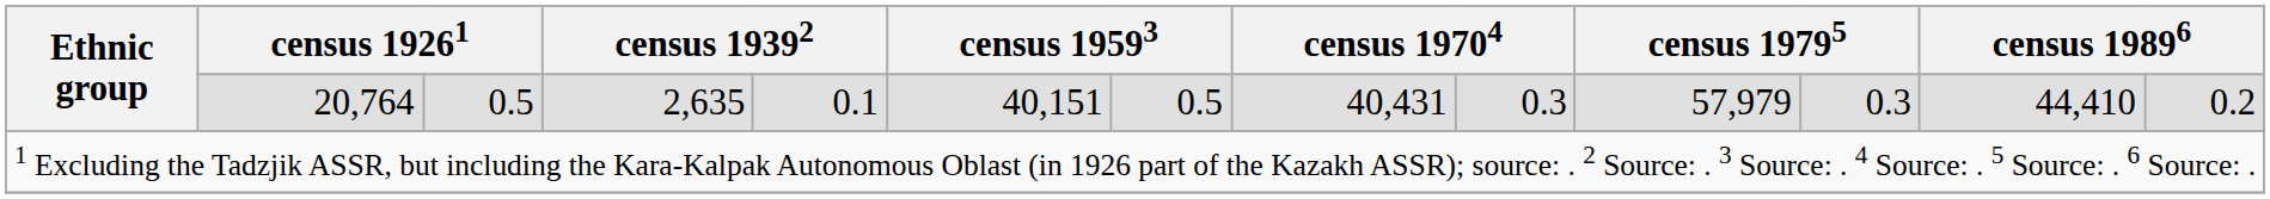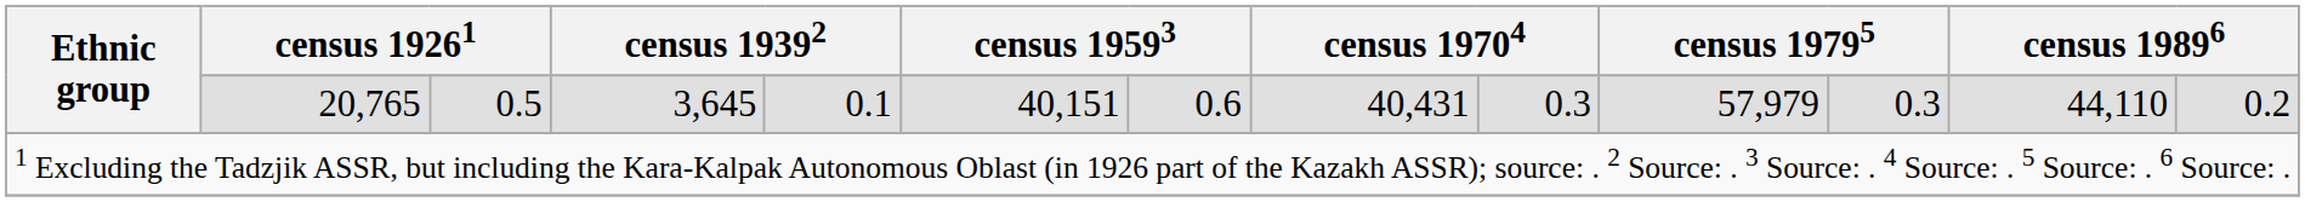 <table class="wikitable">
 <tr bgcolor="#e0e0e0">
 <th rowspan="2">Ethnic<br>group</th>
 <th colspan="2">census 1926<sup>1</sup></th>
 <th colspan="2">census 1939<sup>2</sup></th>
 <th colspan="2">census 1959<sup>3</sup></th>
 <th colspan="2">census 1970<sup>4</sup></th>
 <th colspan="2">census 1979<sup>5</sup></th>
 <th colspan="2">census 1989<sup>6</sup></th>
 </tr>
 <tr bgcolor="#e0e0e0">
-<td align="right">20,764</td>
+<td align="right">20,765</td>
 <td align="right">0.5</td>
-<td align="right">2,635</td>
+<td align="right">3,645</td>
 <td align="right">0.1</td>
 <td align="right">40,151</td>
-<td align="right">0.5</td>
+<td align="right">0.6</td>
 <td align="right">40,431</td>
 <td align="right">0.3</td>
 <td align="right">57,979</td>
 <td align="right">0.3</td>
-<td align="right">44,410</td>
+<td align="right">44,110</td>
 <td align="right">0.2</td>
 </tr>
 <tr>
 <td colspan="13"><small><sup>1</sup> Excluding the Tadzjik ASSR, but including the Kara-Kalpak Autonomous Oblast (in 1926 part of the Kazakh ASSR); source: . <sup>2</sup> Source: . <sup>3</sup> Source: . <sup>4</sup> Source: . <sup>5</sup> Source: . <sup>6</sup> Source: . </small></td>
 </tr>
 <tr>
 </tr>
 </table>
